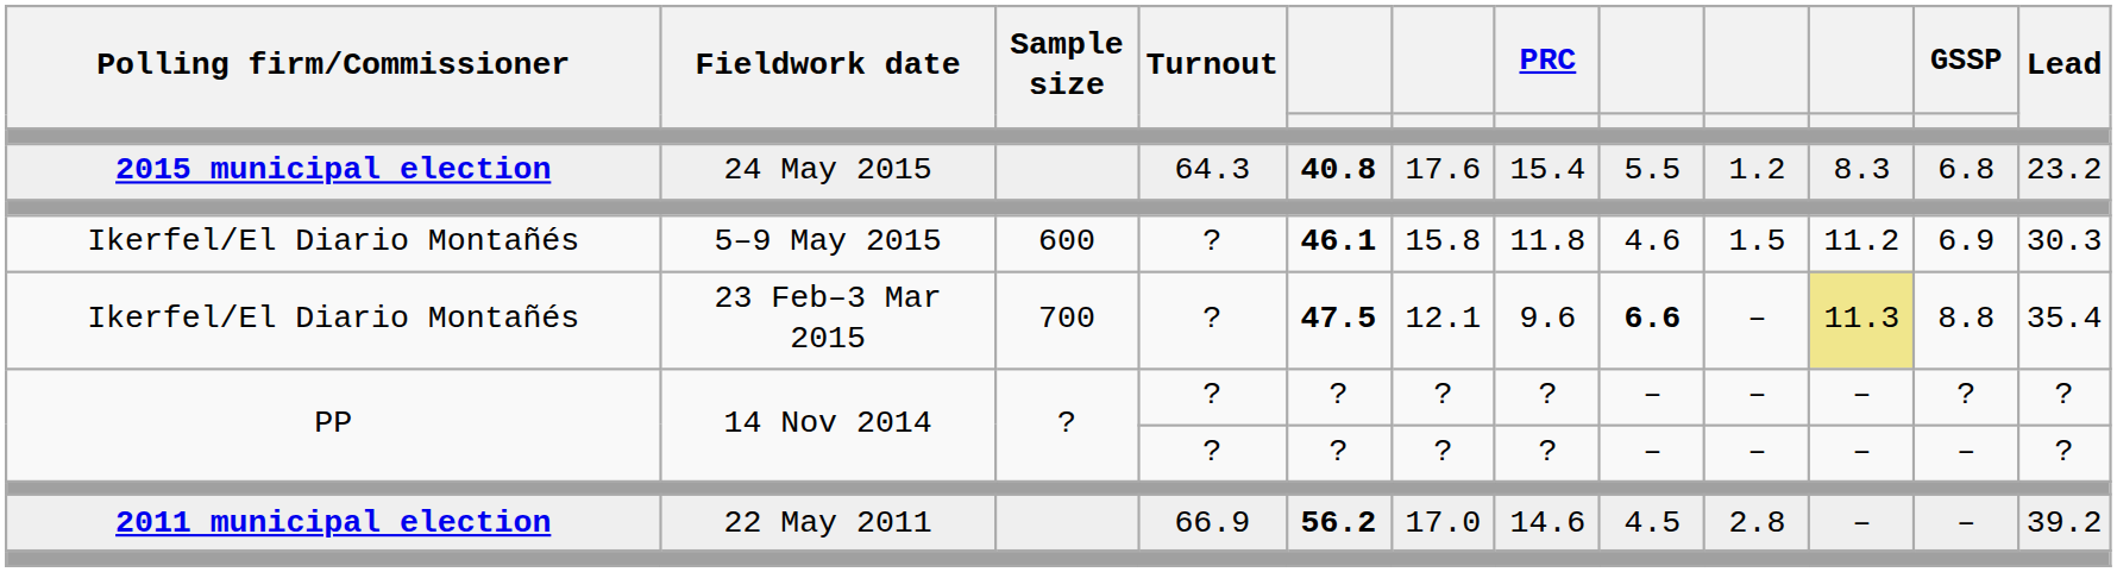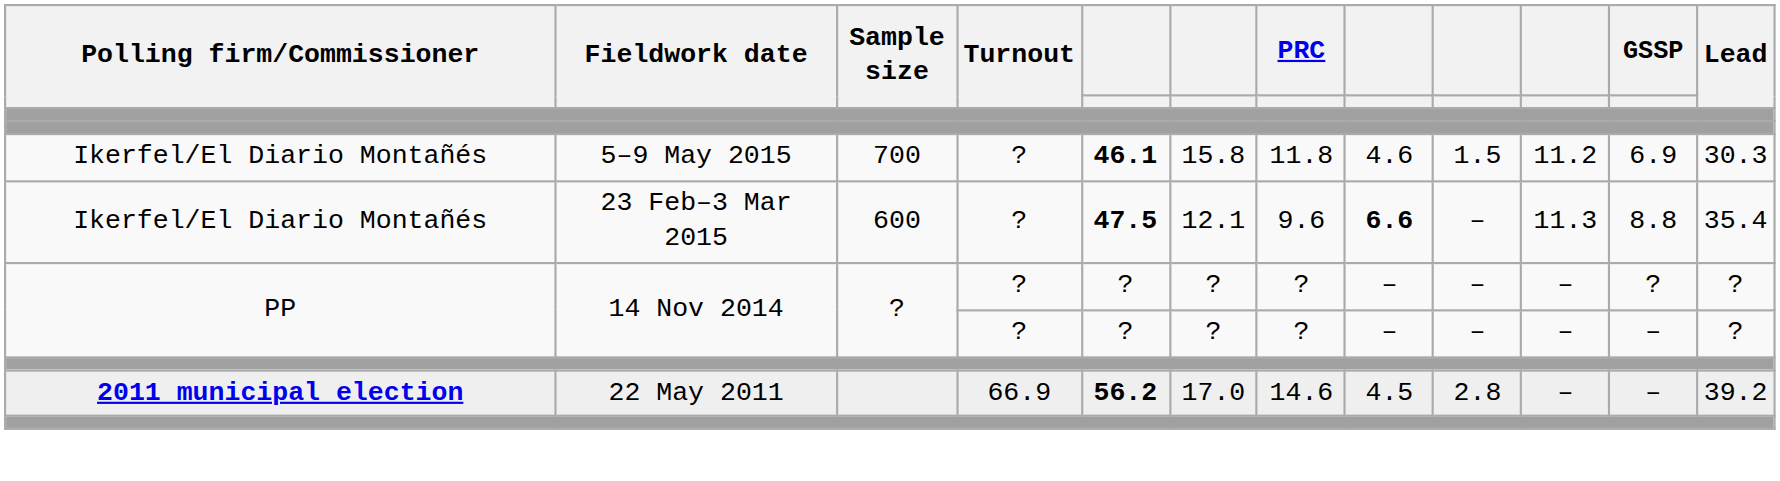 <table class="wikitable collapsible collapsed" style="text-align:center; font-size:95%; line-height:16px;">
 <tr style="height:42px;">
 <th style="width:250px;" rowspan="2">Polling firm/Commissioner</th>
 <th style="width:125px;" rowspan="2">Fieldwork date</th>
 <th style="width:50px;" rowspan="2">Sample size</th>
 <th style="width:45px;" rowspan="2">Turnout</th>
 <th style="width:35px;"></th>
 <th style="width:35px;"></th>
 <th style="width:35px;"><a href='#'>PRC</a></th>
 <th style="width:35px;"></th>
 <th style="width:35px;"></th>
 <th style="width:35px;"></th>
 <th style="width:35px; font-size:95%;">GSSP</th>
 <th style="width:30px;" rowspan="2">Lead</th>
 </tr>
 <tr>
 <th style="color:inherit;background:"></th>
 <th style="color:inherit;background:"></th>
 <th style="color:inherit;background:"></th>
 <th style="color:inherit;background:"></th>
 <th style="color:inherit;background:"></th>
 <th style="color:inherit;background:"></th>
 <th style="color:inherit;background:"></th>
 </tr>
 <tr>
 <td colspan="12" style="background:#A0A0A0"></td>
 </tr>
-<tr style="background:#EFEFEF;">
-<td><strong><a href='#'>2015 municipal election</a></strong></td>
-<td>24 May 2015</td>
-<td></td>
-<td>64.3</td>
-<td><strong>40.8</strong><br></td>
-<td>17.6<br></td>
-<td>15.4<br></td>
-<td>5.5<br></td>
-<td>1.2<br></td>
-<td>8.3<br></td>
-<td>6.8<br></td>
-<td style="background:">23.2</td>
-</tr>
 <tr>
 <td colspan="12" style="background:#A0A0A0"></td>
 </tr>
 <tr>
 <td>Ikerfel/El Diario Montañés</td>
 <td>5–9 May 2015</td>
-<td>600</td>
+<td>700</td>
 <td>?</td>
 <td><strong>46.1</strong><br></td>
 <td>15.8<br></td>
 <td>11.8<br></td>
 <td>4.6<br></td>
 <td>1.5<br></td>
 <td>11.2<br></td>
 <td>6.9<br></td>
 <td style="background:">30.3</td>
 </tr>
 <tr>
 <td>Ikerfel/El Diario Montañés</td>
 <td>23 Feb–3 Mar 2015</td>
-<td>700</td>
+<td>600</td>
 <td>?</td>
 <td><strong>47.5</strong><br></td>
 <td>12.1<br></td>
 <td>9.6<br></td>
 <td><strong>6.6<br></strong></td>
 <td>–</td>
-<td style="background: khaki;">11.3<br></td>
+<td>11.3<br></td>
 <td>8.8<br></td>
 <td style="background:">35.4</td>
 </tr>
 <tr>
 <td rowspan="2">PP</td>
 <td rowspan="2">14 Nov 2014</td>
 <td rowspan="2">?</td>
 <td>?</td>
 <td>?<br></td>
 <td>?<br></td>
 <td>?<br></td>
 <td>–</td>
 <td>–</td>
 <td>–</td>
 <td>?<br></td>
 <td style="background:">?</td>
 </tr>
 <tr>
 <td>?</td>
 <td>?<br></td>
 <td>?<br></td>
 <td>?<br></td>
 <td>–</td>
 <td>–</td>
 <td>–</td>
 <td>–</td>
 <td style="background:">?</td>
 </tr>
 <tr>
 <td colspan="12" style="background:#A0A0A0"></td>
 </tr>
 <tr style="background:#EFEFEF;">
 <td><strong><a href='#'>2011 municipal election</a></strong></td>
 <td>22 May 2011</td>
 <td></td>
 <td>66.9</td>
 <td><strong>56.2</strong><br></td>
 <td>17.0<br></td>
 <td>14.6<br></td>
 <td>4.5<br></td>
 <td>2.8<br></td>
 <td>–</td>
 <td>–</td>
 <td style="background:">39.2</td>
 </tr>
 <tr>
 <td colspan="12" style="background:#A0A0A0"></td>
 </tr>
 </table>
